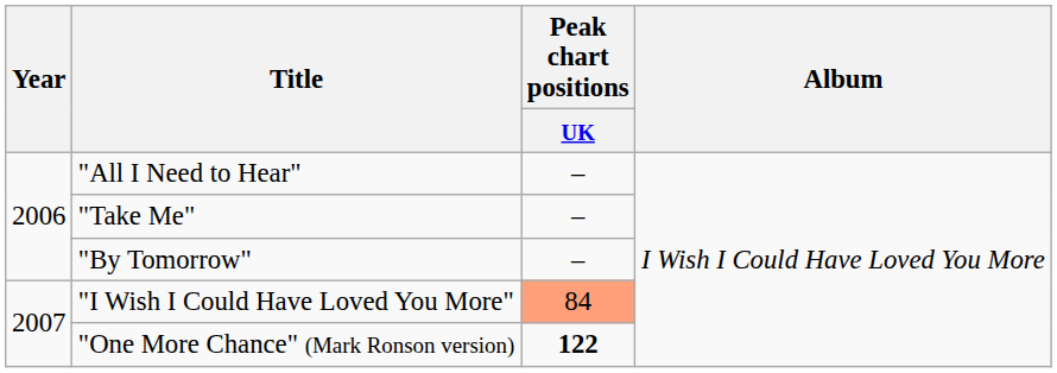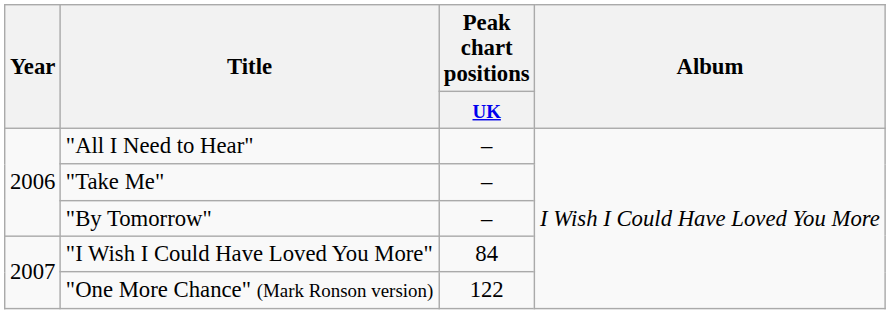 <table class="wikitable">
 <tr>
 <th rowspan="2">Year</th>
 <th rowspan="2">Title</th>
 <th>Peak chart positions</th>
 <th rowspan="2">Album</th>
 </tr>
 <tr>
 <th style="width:40px;"><small><a href='#'>UK</a></small></th>
 </tr>
 <tr>
 <td rowspan="3">2006</td>
 <td>"All I Need to Hear"</td>
 <td style="text-align:center;">–</td>
 <td rowspan="5"><em>I Wish I Could Have Loved You More</em></td>
 </tr>
 <tr>
 <td>"Take Me"</td>
 <td style="text-align:center;">–</td>
 </tr>
 <tr>
 <td>"By Tomorrow"</td>
 <td style="text-align:center;">–</td>
 </tr>
 <tr>
 <td rowspan="2">2007</td>
 <td>"I Wish I Could Have Loved You More"</td>
-<td style="background: lightsalmon; text-align:center;">84</td>
+<td style="text-align:center;">84</td>
 </tr>
 <tr>
 <td>"One More Chance" <small>(Mark Ronson version)</small></td>
-<td style="text-align:center;"><strong>122</strong></td>
+<td style="text-align:center;">122</td>
 </tr>
 </table>
